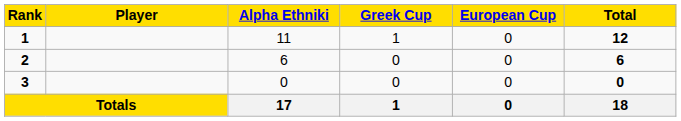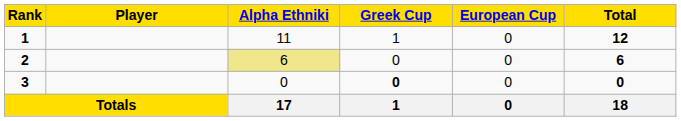 <table class="wikitable sortable" style="text-align:center">
 <tr>
 <th style="background:#FFDE00">Rank</th>
 <th width=200 style="background:#FFDE00">Player</th>
 <th width=120 style="background:#FFDE00"><a href='#'>Alpha Ethniki</a></th>
 <th width=120 style="background:#FFDE00"><a href='#'>Greek Cup</a></th>
 <th width=120 style="background:#FFDE00"><a href='#'>European Cup</a></th>
 <th width=120 style="background:#FFDE00">Total</th>
 </tr>
 <tr>
 <td><strong>1</strong></td>
 <td align=left></td>
 <td>11</td>
 <td>1</td>
 <td>0</td>
 <td><strong>12</strong></td>
 </tr>
 <tr>
 <td><strong>2</strong></td>
 <td align=left></td>
-<td>6</td>
+<td style="background: khaki;">6</td>
 <td>0</td>
 <td>0</td>
 <td><strong>6</strong></td>
 </tr>
 <tr>
 <td><strong>3</strong></td>
 <td align=left></td>
 <td>0</td>
-<td>0</td>
+<td><strong>0</strong></td>
 <td>0</td>
 <td><strong>0</strong></td>
 </tr>
 <tr class="sortbottom">
 <th colspan=2 style="background:#FFDE00"><strong>Totals</strong></th>
 <th><strong>17</strong></th>
 <th><strong> 1</strong></th>
 <th><strong> 0</strong></th>
 <th><strong>18</strong></th>
 </tr>
 </table>
